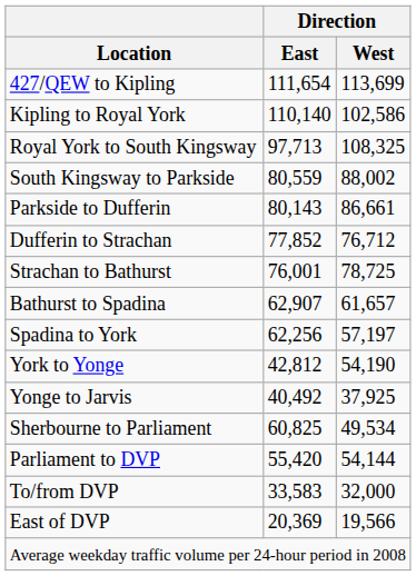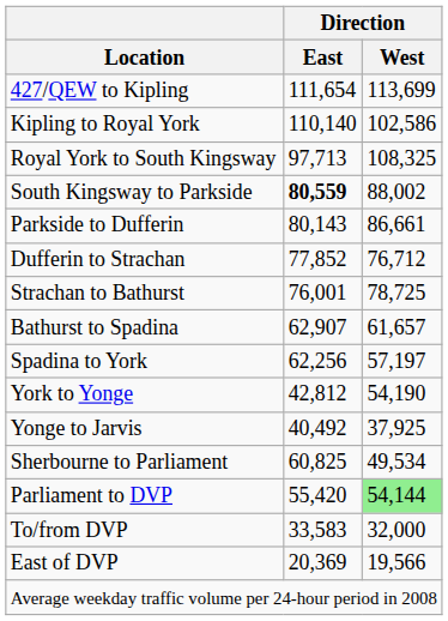 <table class="wikitable" style="text-align: left;float:right">
 <tr>
 <th> </th>
 <th colspan="2" style="text-align:center;">Direction</th>
 </tr>
 <tr>
 <th>Location</th>
 <th>East</th>
 <th>West</th>
 </tr>
 <tr>
 <td style="text-align: left;"><a href='#'>427</a>/<a href='#'>QEW</a> to Kipling</td>
 <td>111,654</td>
 <td>113,699</td>
 </tr>
 <tr>
 <td style="text-align: left;">Kipling to Royal York</td>
 <td>110,140</td>
 <td>102,586</td>
 </tr>
 <tr>
 <td style="text-align: left;">Royal York to South Kingsway</td>
 <td>97,713</td>
 <td>108,325</td>
 </tr>
 <tr>
 <td style="text-align: left;">South Kingsway to Parkside</td>
-<td>80,559</td>
+<td><strong>80,559</strong></td>
 <td>88,002</td>
 </tr>
 <tr>
 <td style="text-align: left;">Parkside to Dufferin</td>
 <td>80,143</td>
 <td>86,661</td>
 </tr>
 <tr>
 <td style="text-align: left;">Dufferin to Strachan</td>
 <td>77,852</td>
 <td>76,712</td>
 </tr>
 <tr>
 <td style="text-align: left;">Strachan to Bathurst</td>
 <td>76,001</td>
 <td>78,725</td>
 </tr>
 <tr>
 <td style="text-align: left;">Bathurst to Spadina</td>
 <td>62,907</td>
 <td>61,657</td>
 </tr>
 <tr>
 <td style="text-align: left;">Spadina to York</td>
 <td>62,256</td>
 <td>57,197</td>
 </tr>
 <tr>
 <td style="text-align: left;">York to <a href='#'>Yonge</a></td>
 <td>42,812</td>
 <td>54,190</td>
 </tr>
 <tr>
 <td style="text-align: left;">Yonge to Jarvis</td>
 <td>40,492</td>
 <td>37,925</td>
 </tr>
 <tr>
 <td style="text-align: left;">Sherbourne to Parliament</td>
 <td>60,825</td>
 <td>49,534</td>
 </tr>
 <tr>
 <td style="text-align: left;">Parliament to <a href='#'>DVP</a></td>
 <td>55,420</td>
-<td>54,144</td>
+<td style="background: lightgreen;">54,144</td>
 </tr>
 <tr>
 <td style="text-align: left;">To/from DVP</td>
 <td>33,583</td>
 <td>32,000</td>
 </tr>
 <tr>
 <td style="text-align: left;">East of DVP</td>
 <td>20,369</td>
 <td>19,566</td>
 </tr>
 <tr>
 <td colspan="3" style="text-align:left;"><small>Average weekday traffic volume per 24-hour period in 2008</small></td>
 </tr>
 </table>
